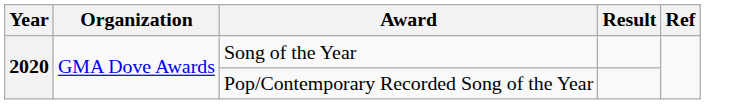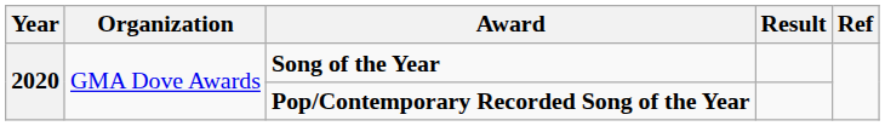 <table class="wikitable plainrowheaders">
 <tr>
 <th>Year</th>
 <th>Organization</th>
 <th>Award</th>
 <th>Result</th>
 <th>Ref</th>
 </tr>
 <tr>
 <th scope="row" rowspan="2">2020</th>
 <td rowspan="2"><a href='#'>GMA Dove Awards</a></td>
-<td>Song of the Year</td>
+<td><strong>Song of the Year</strong></td>
 <td></td>
 <td rowspan="2"></td>
 </tr>
 <tr>
-<td>Pop/Contemporary Recorded Song of the Year</td>
+<td><strong>Pop/Contemporary Recorded Song of the Year</strong></td>
 <td></td>
 </tr>
 </table>
